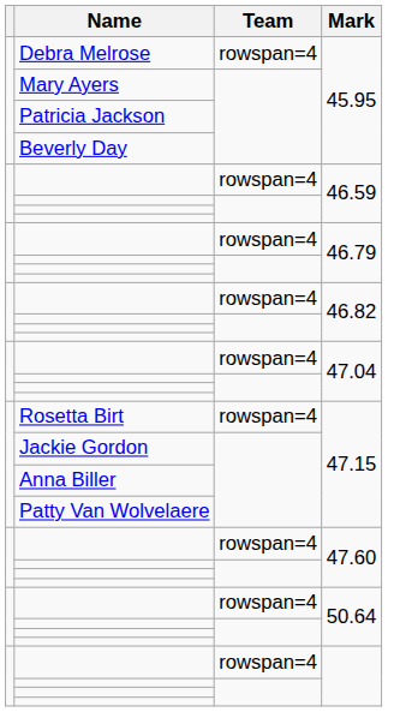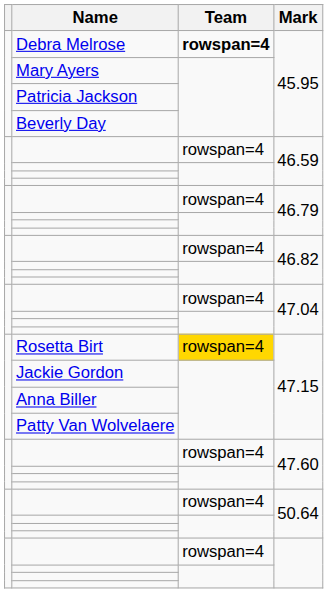 <table class=wikitable>
 <tr>
 <th></th>
 <th>Name</th>
 <th>Team</th>
 <th>Mark</th>
 </tr>
 <tr>
 <td rowspan=4></td>
 <td><a href='#'>Debra Melrose</a></td>
-<td>rowspan=4 </td>
+<td><strong>rowspan=4 </strong></td>
 <td rowspan=4>45.95</td>
 </tr>
 <tr>
 <td><a href='#'>Mary Ayers</a></td>
 </tr>
 <tr>
 <td><a href='#'>Patricia Jackson</a></td>
 </tr>
 <tr>
 <td><a href='#'>Beverly Day</a></td>
 </tr>
 <tr>
 <td rowspan=4></td>
 <td></td>
 <td>rowspan=4 </td>
 <td rowspan=4>46.59</td>
 </tr>
 <tr>
 <td></td>
 </tr>
 <tr>
 <td></td>
 </tr>
 <tr>
 <td></td>
 </tr>
 <tr>
 <td rowspan=4></td>
 <td></td>
 <td>rowspan=4 </td>
 <td rowspan=4>46.79</td>
 </tr>
 <tr>
 <td></td>
 </tr>
 <tr>
 <td></td>
 </tr>
 <tr>
 <td></td>
 </tr>
 <tr>
 <td rowspan=4></td>
 <td></td>
 <td>rowspan=4 </td>
 <td rowspan=4>46.82</td>
 </tr>
 <tr>
 <td></td>
 </tr>
 <tr>
 <td></td>
 </tr>
 <tr>
 <td></td>
 </tr>
 <tr>
 <td rowspan=4></td>
 <td></td>
 <td>rowspan=4 </td>
 <td rowspan=4>47.04</td>
 </tr>
 <tr>
 <td></td>
 </tr>
 <tr>
 <td></td>
 </tr>
 <tr>
 <td></td>
 </tr>
 <tr>
 <td rowspan=4></td>
 <td><a href='#'>Rosetta Birt</a></td>
-<td>rowspan=4 </td>
+<td style="background: gold;">rowspan=4 </td>
 <td rowspan=4>47.15</td>
 </tr>
 <tr>
 <td><a href='#'>Jackie Gordon</a></td>
 </tr>
 <tr>
 <td><a href='#'>Anna Biller</a></td>
 </tr>
 <tr>
 <td><a href='#'>Patty Van Wolvelaere</a></td>
 </tr>
 <tr>
 <td rowspan=4></td>
 <td></td>
 <td>rowspan=4 </td>
 <td rowspan=4>47.60</td>
 </tr>
 <tr>
 <td></td>
 </tr>
 <tr>
 <td></td>
 </tr>
 <tr>
 <td></td>
 </tr>
 <tr>
 <td rowspan=4></td>
 <td></td>
 <td>rowspan=4 </td>
 <td rowspan=4>50.64</td>
 </tr>
 <tr>
 <td></td>
 </tr>
 <tr>
 <td></td>
 </tr>
 <tr>
 <td></td>
 </tr>
 <tr>
 <td rowspan=4></td>
 <td></td>
 <td>rowspan=4 </td>
 <td rowspan=4></td>
 </tr>
 <tr>
 <td></td>
 </tr>
 <tr>
 <td></td>
 </tr>
 <tr>
 <td></td>
 </tr>
 </table>
